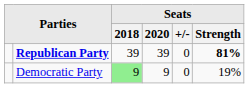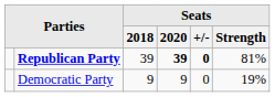 <table class=wikitable>
 <tr>
 <th style="background-color:#E9E9E9" align=center rowspan=2 colspan=2>Parties</th>
 <th style="background-color:#E9E9E9" align=center colspan=5>Seats</th>
 </tr>
 <tr bgcolor=#E9E9E9>
 <th>2018</th>
 <th>2020</th>
 <th>+/-</th>
 <th>Strength</th>
 </tr>
 <tr>
 <td style="background-color:"> </td>
 <td><strong><a href='#'>Republican Party</a></strong></td>
 <td align=right>39</td>
-<td align=right>39</td>
-<td align=right> 0</td>
-<td align=right><strong>81%</strong></td>
+<td align=right><strong>39</strong></td>
+<td align=right><strong> 0</strong></td>
+<td align=right>81%</td>
 </tr>
 <tr>
 <td style="background-color:"> </td>
 <td><a href='#'>Democratic Party</a></td>
-<td align=right style="background: lightgreen;">9</td>
+<td align=right>9</td>
 <td align=right>9</td>
 <td align=right> 0</td>
 <td align=right>19%</td>
 </tr>
 </table>
